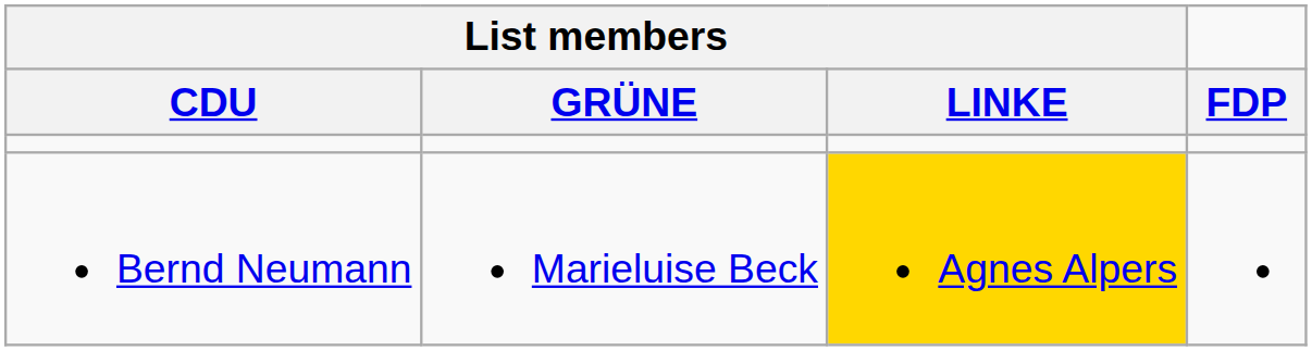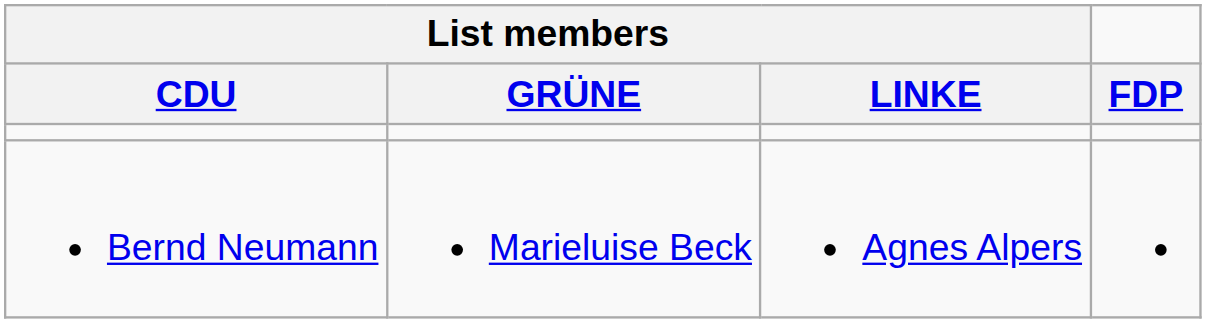 <table class=wikitable>
 <tr>
 <th colspan=3>List members</th>
 </tr>
 <tr>
 <th><a href='#'>CDU</a></th>
 <th><a href='#'>GRÜNE</a></th>
 <th><a href='#'>LINKE</a></th>
 <th><a href='#'>FDP</a></th>
 </tr>
 <tr>
 <td bgcolor=></td>
 <td bgcolor=></td>
 <td bgcolor=></td>
 <td bgcolor=></td>
 </tr>
 <tr>
 <td><br><ul><li><a href='#'>Bernd Neumann</a></li></ul></td>
 <td><br><ul><li><a href='#'>Marieluise Beck</a></li></ul></td>
-<td style="background: gold;"><br><ul><li><a href='#'>Agnes Alpers</a></li></ul></td>
+<td><br><ul><li><a href='#'>Agnes Alpers</a></li></ul></td>
 <td><br><ul><li></li></ul></td>
 </tr>
 </table>
